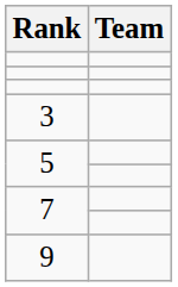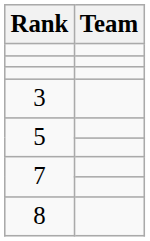 <table class="wikitable">
 <tr>
 <th>Rank</th>
 <th>Team</th>
 </tr>
 <tr>
 <td align=center></td>
 <td></td>
 </tr>
 <tr>
 <td align=center></td>
 <td></td>
 </tr>
 <tr>
 <td align=center></td>
 <td></td>
 </tr>
 <tr>
 <td align=center>3</td>
 <td></td>
 </tr>
 <tr>
 <td align=center rowspan=2>5</td>
 <td></td>
 </tr>
 <tr>
 <td></td>
 </tr>
 <tr>
 <td align=center rowspan=2>7</td>
 <td></td>
 </tr>
 <tr>
 <td></td>
 </tr>
 <tr>
-<td align=center>9</td>
+<td align=center>8</td>
 <td></td>
 </tr>
 </table>
